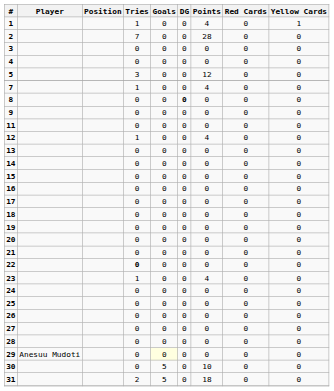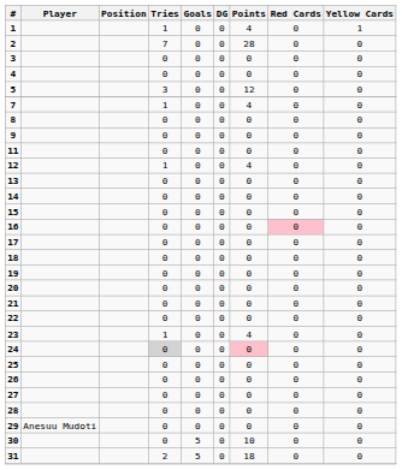 <table class="wikitable sortable" style="text-align:center;">
 <tr>
 <th>#</th>
 <th>Player</th>
 <th>Position</th>
 <th>Tries</th>
 <th>Goals</th>
 <th>DG</th>
 <th>Points</th>
 <th> Red Cards</th>
 <th> Yellow Cards</th>
 </tr>
 <tr>
 <td><strong>1</strong></td>
 <td style="text-align:left;"></td>
 <td></td>
 <td>1</td>
 <td>0</td>
 <td>0</td>
 <td>4</td>
 <td>0</td>
 <td>1</td>
 </tr>
 <tr>
 <td><strong>2</strong></td>
 <td style="text-align:left;"></td>
 <td></td>
 <td>7</td>
 <td>0</td>
 <td>0</td>
 <td>28</td>
 <td>0</td>
 <td>0</td>
 </tr>
 <tr>
 <td><strong>3</strong></td>
 <td style="text-align:left;"></td>
 <td></td>
 <td>0</td>
 <td>0</td>
 <td>0</td>
 <td>0</td>
 <td>0</td>
 <td>0</td>
 </tr>
 <tr>
 <td><strong>4</strong></td>
 <td style="text-align:left;"></td>
 <td></td>
 <td>0</td>
 <td>0</td>
 <td>0</td>
 <td>0</td>
 <td>0</td>
 <td>0</td>
 </tr>
 <tr>
 <td><strong>5</strong></td>
 <td style="text-align:left;"></td>
 <td></td>
 <td>3</td>
 <td>0</td>
 <td>0</td>
 <td>12</td>
 <td>0</td>
 <td>0</td>
 </tr>
 <tr>
 </tr>
 <tr>
 <td><strong>7</strong></td>
 <td style="text-align:left;"></td>
 <td></td>
 <td>1</td>
 <td>0</td>
 <td>0</td>
 <td>4</td>
 <td>0</td>
 <td>0</td>
 </tr>
 <tr>
 <td><strong>8</strong></td>
 <td style="text-align:left;"></td>
 <td></td>
 <td>0</td>
 <td>0</td>
-<td><strong>0</strong></td>
+<td>0</td>
 <td>0</td>
 <td>0</td>
 <td>0</td>
 </tr>
 <tr>
 <td><strong>9</strong></td>
 <td style="text-align:left;"></td>
 <td></td>
 <td>0</td>
 <td>0</td>
 <td>0</td>
 <td>0</td>
 <td>0</td>
 <td>0</td>
 </tr>
 <tr>
 <td><strong>11</strong></td>
 <td style="text-align:left;"></td>
 <td></td>
 <td>0</td>
 <td>0</td>
 <td>0</td>
 <td>0</td>
 <td>0</td>
 <td>0</td>
 </tr>
 <tr>
 <td><strong>12</strong></td>
 <td style="text-align:left;"></td>
 <td></td>
 <td>1</td>
 <td>0</td>
 <td>0</td>
 <td>4</td>
 <td>0</td>
 <td>0</td>
 </tr>
 <tr>
 <td><strong>13</strong></td>
 <td style="text-align:left;"></td>
 <td></td>
 <td>0</td>
 <td>0</td>
 <td>0</td>
 <td>0</td>
 <td>0</td>
 <td>0</td>
 </tr>
 <tr>
 <td><strong>14</strong></td>
 <td style="text-align:left;"></td>
 <td></td>
 <td>0</td>
 <td>0</td>
 <td>0</td>
 <td>0</td>
 <td>0</td>
 <td>0</td>
 </tr>
 <tr>
 <td><strong>15</strong></td>
 <td style="text-align:left;"></td>
 <td></td>
 <td>0</td>
 <td>0</td>
 <td>0</td>
 <td>0</td>
 <td>0</td>
 <td>0</td>
 </tr>
 <tr>
 <td><strong>16</strong></td>
 <td style="text-align:left;"></td>
 <td></td>
 <td>0</td>
 <td>0</td>
 <td>0</td>
 <td>0</td>
-<td>0</td>
+<td style="background: pink;">0</td>
 <td>0</td>
 </tr>
 <tr>
 <td><strong>17</strong></td>
 <td style="text-align:left;"></td>
 <td></td>
 <td>0</td>
 <td>0</td>
 <td>0</td>
 <td>0</td>
 <td>0</td>
 <td>0</td>
 </tr>
 <tr>
 <td><strong>18</strong></td>
 <td style="text-align:left;"></td>
 <td></td>
 <td>0</td>
 <td>0</td>
 <td>0</td>
 <td>0</td>
 <td>0</td>
 <td>0</td>
 </tr>
 <tr>
 <td><strong>19</strong></td>
 <td style="text-align:left;"></td>
 <td></td>
 <td>0</td>
 <td>0</td>
 <td>0</td>
 <td>0</td>
 <td>0</td>
 <td>0</td>
 </tr>
 <tr>
 <td><strong>20</strong></td>
 <td style="text-align:left;"></td>
 <td></td>
 <td>0</td>
 <td>0</td>
 <td>0</td>
 <td>0</td>
 <td>0</td>
 <td>0</td>
 </tr>
 <tr>
 <td><strong>21</strong></td>
 <td style="text-align:left;"></td>
 <td></td>
 <td>0</td>
 <td>0</td>
 <td>0</td>
 <td>0</td>
 <td>0</td>
 <td>0</td>
 </tr>
 <tr>
 <td><strong>22</strong></td>
 <td style="text-align:left;"></td>
 <td></td>
-<td><strong>0</strong></td>
+<td>0</td>
 <td>0</td>
 <td>0</td>
 <td>0</td>
 <td>0</td>
 <td>0</td>
 </tr>
 <tr>
 <td><strong>23</strong></td>
 <td style="text-align:left;"></td>
 <td></td>
 <td>1</td>
 <td>0</td>
 <td>0</td>
 <td>4</td>
 <td>0</td>
 <td>0</td>
 </tr>
 <tr>
 <td><strong>24</strong></td>
 <td style="text-align:left;"></td>
 <td></td>
+<td style="background: lightgrey;">0</td>
 <td>0</td>
 <td>0</td>
-<td>0</td>
-<td>0</td>
+<td style="background: pink;">0</td>
 <td>0</td>
 <td>0</td>
 </tr>
 <tr>
 <td><strong>25</strong></td>
 <td style="text-align:left;"></td>
 <td></td>
 <td>0</td>
 <td>0</td>
 <td>0</td>
 <td>0</td>
 <td>0</td>
 <td>0</td>
 </tr>
 <tr>
 <td><strong>26</strong></td>
 <td style="text-align:left;"></td>
 <td></td>
 <td>0</td>
 <td>0</td>
 <td>0</td>
 <td>0</td>
 <td>0</td>
 <td>0</td>
 </tr>
 <tr>
 <td><strong>27</strong></td>
 <td style="text-align:left;"></td>
 <td></td>
 <td>0</td>
 <td>0</td>
 <td>0</td>
 <td>0</td>
 <td>0</td>
 <td>0</td>
 </tr>
 <tr>
 <td><strong>28</strong></td>
 <td style="text-align:left;"></td>
 <td></td>
 <td>0</td>
 <td>0</td>
 <td>0</td>
 <td>0</td>
 <td>0</td>
 <td>0</td>
 </tr>
 <tr>
 <td><strong>29</strong></td>
 <td style="text-align:left;">Anesuu Mudoti</td>
 <td></td>
 <td>0</td>
-<td style="background: lightyellow;">0</td>
+<td>0</td>
 <td>0</td>
 <td>0</td>
 <td>0</td>
 <td>0</td>
 </tr>
 <tr>
 <td><strong>30</strong></td>
 <td style="text-align:left;"></td>
 <td></td>
 <td>0</td>
 <td>5</td>
 <td>0</td>
 <td>10</td>
 <td>0</td>
 <td>0</td>
 </tr>
 <tr>
 <td><strong>31</strong></td>
 <td style="text-align:left;"></td>
 <td></td>
 <td>2</td>
 <td>5</td>
 <td>0</td>
 <td>18</td>
 <td>0</td>
 <td>0</td>
 </tr>
 <tr>
 </tr>
 </table>
